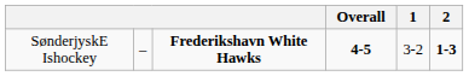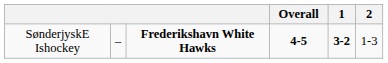 <table class="wikitable" style="text-align:center; width:55%;">
 <tr class="hintergrundfarbe5">
 <th colspan="3" style="width:47.5%;"></th>
 <th style="width:7.5%;">Overall</th>
 <th style="width:5%;">1</th>
 <th style="width:5%;">2</th>
 </tr>
 <tr>
 <td>SønderjyskE Ishockey</td>
 <td>–</td>
 <td><strong>Frederikshavn White Hawks</strong></td>
 <td><strong>4-5</strong></td>
-<td>3-2</td>
-<td><strong>1-3</strong></td>
+<td><strong>3-2</strong></td>
+<td>1-3</td>
 </tr>
 </table>
